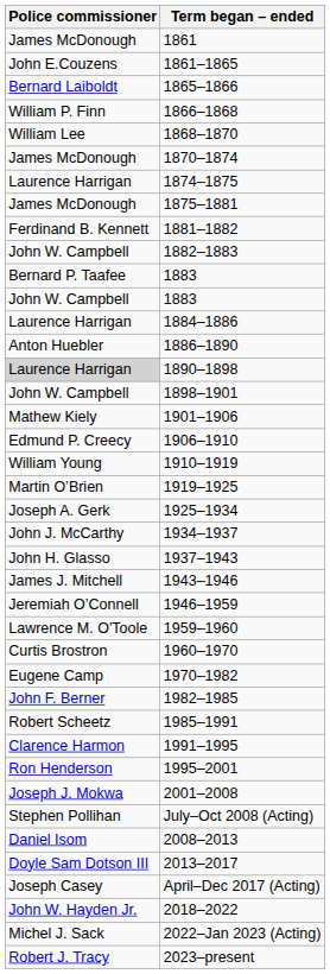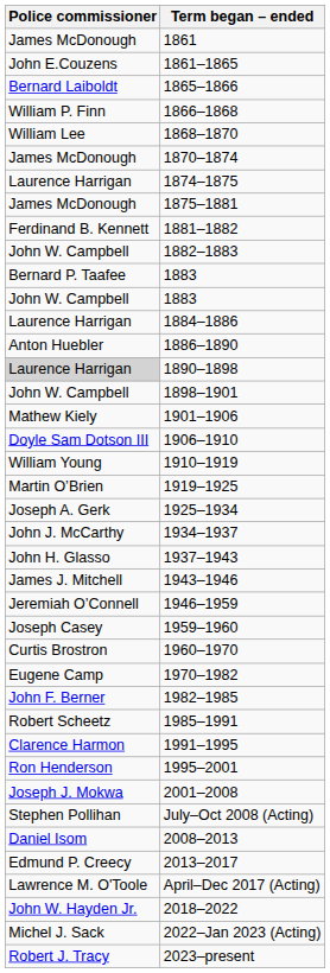 <table class="wikitable">
 <tr>
 <th>Police commissioner</th>
 <th>Term began – ended</th>
 </tr>
 <tr>
 <td>James McDonough</td>
 <td>1861</td>
 </tr>
 <tr>
 <td>John E.Couzens</td>
 <td>1861–1865</td>
 </tr>
 <tr>
 <td><a href='#'>Bernard Laiboldt</a></td>
 <td>1865–1866</td>
 </tr>
 <tr>
 <td>William P. Finn</td>
 <td>1866–1868</td>
 </tr>
 <tr>
 <td>William Lee</td>
 <td>1868–1870</td>
 </tr>
 <tr>
 <td>James McDonough</td>
 <td>1870–1874</td>
 </tr>
 <tr>
 <td>Laurence Harrigan</td>
 <td>1874–1875</td>
 </tr>
 <tr>
 <td>James McDonough</td>
 <td>1875–1881</td>
 </tr>
 <tr>
 <td>Ferdinand B. Kennett</td>
 <td>1881–1882</td>
 </tr>
 <tr>
 <td>John W. Campbell</td>
 <td>1882–1883</td>
 </tr>
 <tr>
 <td>Bernard P. Taafee</td>
 <td>1883</td>
 </tr>
 <tr>
 <td>John W. Campbell</td>
 <td>1883</td>
 </tr>
 <tr>
 <td>Laurence Harrigan</td>
 <td>1884–1886</td>
 </tr>
 <tr>
 <td>Anton Huebler</td>
 <td>1886–1890</td>
 </tr>
 <tr>
 <td style="background: lightgrey;">Laurence Harrigan</td>
 <td>1890–1898</td>
 </tr>
 <tr>
 <td>John W. Campbell</td>
 <td>1898–1901</td>
 </tr>
 <tr>
 <td>Mathew Kiely</td>
 <td>1901–1906</td>
 </tr>
 <tr>
-<td>Edmund P. Creecy</td>
+<td><a href='#'>Doyle Sam Dotson III</a></td>
 <td>1906–1910</td>
 </tr>
 <tr>
 <td>William Young</td>
 <td>1910–1919</td>
 </tr>
 <tr>
 <td>Martin O’Brien</td>
 <td>1919–1925</td>
 </tr>
 <tr>
 <td>Joseph A. Gerk</td>
 <td>1925–1934</td>
 </tr>
 <tr>
 <td>John J. McCarthy</td>
 <td>1934–1937</td>
 </tr>
 <tr>
 <td>John H. Glasso</td>
 <td>1937–1943</td>
 </tr>
 <tr>
 <td>James J. Mitchell</td>
 <td>1943–1946</td>
 </tr>
 <tr>
 <td>Jeremiah O’Connell</td>
 <td>1946–1959</td>
 </tr>
 <tr>
-<td>Lawrence M. O'Toole</td>
+<td>Joseph Casey</td>
 <td>1959–1960</td>
 </tr>
 <tr>
 <td>Curtis Brostron</td>
 <td>1960–1970</td>
 </tr>
 <tr>
 <td>Eugene Camp</td>
 <td>1970–1982</td>
 </tr>
 <tr>
 <td><a href='#'>John F. Berner</a></td>
 <td>1982–1985</td>
 </tr>
 <tr>
 <td>Robert Scheetz</td>
 <td>1985–1991</td>
 </tr>
 <tr>
 <td><a href='#'>Clarence Harmon</a></td>
 <td>1991–1995</td>
 </tr>
 <tr>
 <td><a href='#'>Ron Henderson</a></td>
 <td>1995–2001</td>
 </tr>
 <tr>
 <td><a href='#'>Joseph J. Mokwa</a></td>
 <td>2001–2008</td>
 </tr>
 <tr>
 <td>Stephen Pollihan</td>
 <td>July–Oct 2008 (Acting)</td>
 </tr>
 <tr>
 <td><a href='#'>Daniel Isom</a></td>
 <td>2008–2013</td>
 </tr>
 <tr>
-<td><a href='#'>Doyle Sam Dotson III</a></td>
+<td>Edmund P. Creecy</td>
 <td>2013–2017</td>
 </tr>
 <tr>
-<td>Joseph Casey</td>
+<td>Lawrence M. O'Toole</td>
 <td>April–Dec 2017 (Acting)</td>
 </tr>
 <tr>
 <td><a href='#'>John W. Hayden Jr.</a></td>
 <td>2018–2022</td>
 </tr>
 <tr>
 <td>Michel J. Sack</td>
 <td>2022–Jan 2023 (Acting)</td>
 </tr>
 <tr>
 <td><a href='#'>Robert J. Tracy</a></td>
 <td>2023–present</td>
 </tr>
 </table>
